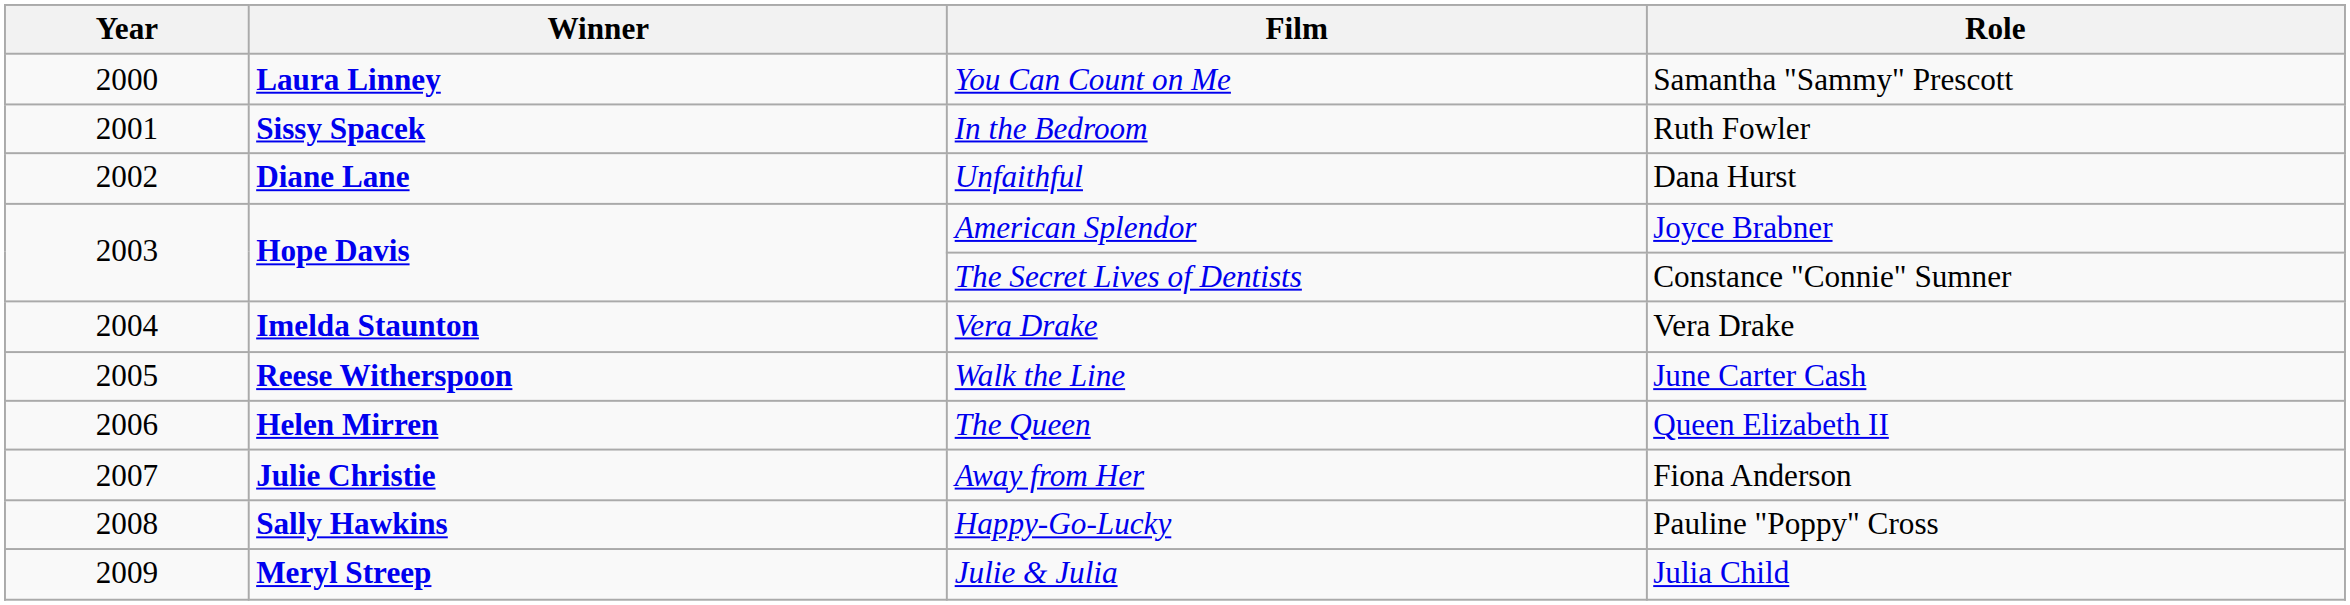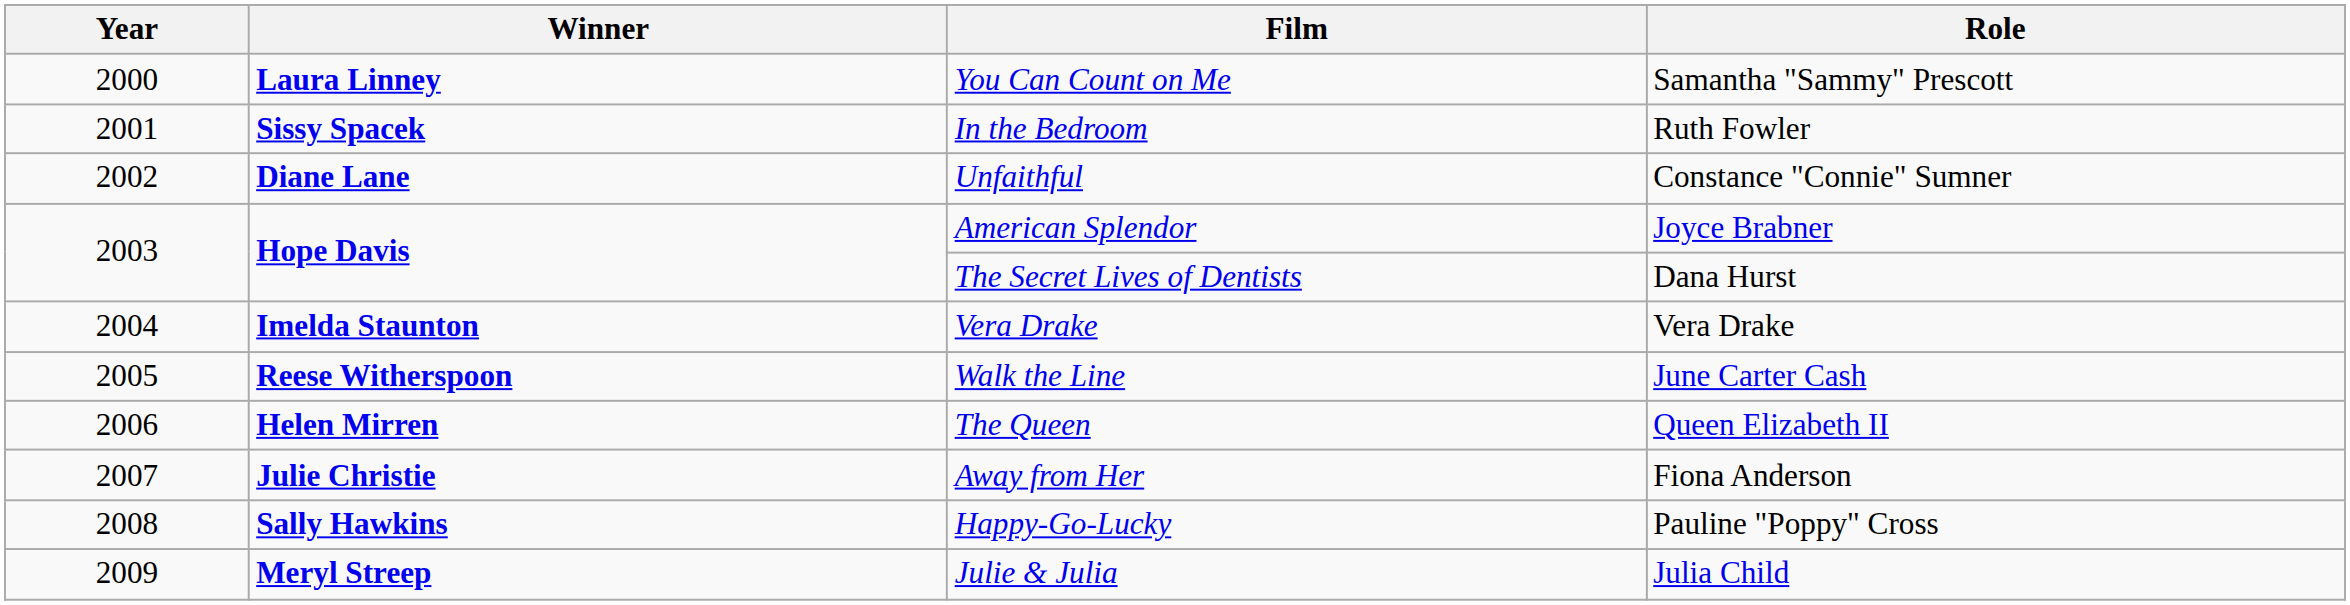 <table class="wikitable" width="95%" cellpadding="5">
 <tr>
 <th width="100"><strong>Year</strong></th>
 <th width="300"><strong>Winner</strong></th>
 <th width="300"><strong>Film</strong></th>
 <th width="300"><strong>Role</strong></th>
 </tr>
 <tr>
 <td style="text-align:center;">2000</td>
 <td><strong><a href='#'>Laura Linney</a></strong></td>
 <td><em><a href='#'>You Can Count on Me</a></em></td>
 <td>Samantha "Sammy" Prescott</td>
 </tr>
 <tr>
 <td style="text-align:center;">2001</td>
 <td><strong><a href='#'>Sissy Spacek</a></strong></td>
 <td><em><a href='#'>In the Bedroom</a></em></td>
 <td>Ruth Fowler</td>
 </tr>
 <tr>
 <td style="text-align:center;">2002</td>
 <td><strong><a href='#'>Diane Lane</a></strong></td>
 <td><em><a href='#'>Unfaithful</a></em></td>
-<td>Dana Hurst</td>
+<td>Constance "Connie" Sumner</td>
 </tr>
 <tr>
 <td rowspan="2" style="text-align:center;">2003</td>
 <td rowspan="2"><strong><a href='#'>Hope Davis</a></strong></td>
 <td><em><a href='#'>American Splendor</a></em></td>
 <td><a href='#'>Joyce Brabner</a></td>
 </tr>
 <tr>
 <td><em><a href='#'>The Secret Lives of Dentists</a></em></td>
-<td>Constance "Connie" Sumner</td>
+<td>Dana Hurst</td>
 </tr>
 <tr>
 <td style="text-align:center;">2004</td>
 <td><strong><a href='#'>Imelda Staunton</a></strong></td>
 <td><em><a href='#'>Vera Drake</a></em></td>
 <td>Vera Drake</td>
 </tr>
 <tr>
 <td style="text-align:center;">2005</td>
 <td><strong><a href='#'>Reese Witherspoon</a></strong></td>
 <td><em><a href='#'>Walk the Line</a></em></td>
 <td><a href='#'>June Carter Cash</a></td>
 </tr>
 <tr>
 <td style="text-align:center;">2006</td>
 <td><strong><a href='#'>Helen Mirren</a></strong></td>
 <td><em><a href='#'>The Queen</a></em></td>
 <td><a href='#'>Queen Elizabeth II</a></td>
 </tr>
 <tr>
 <td style="text-align:center;">2007</td>
 <td><strong><a href='#'>Julie Christie</a></strong></td>
 <td><em><a href='#'>Away from Her</a></em></td>
 <td>Fiona Anderson</td>
 </tr>
 <tr>
 <td style="text-align:center;">2008</td>
 <td><strong><a href='#'>Sally Hawkins</a></strong></td>
 <td><em><a href='#'>Happy-Go-Lucky</a></em></td>
 <td>Pauline "Poppy" Cross</td>
 </tr>
 <tr>
 <td style="text-align:center;">2009</td>
 <td><strong><a href='#'>Meryl Streep</a></strong></td>
 <td><em><a href='#'>Julie & Julia</a></em></td>
 <td><a href='#'>Julia Child</a></td>
 </tr>
 </table>
